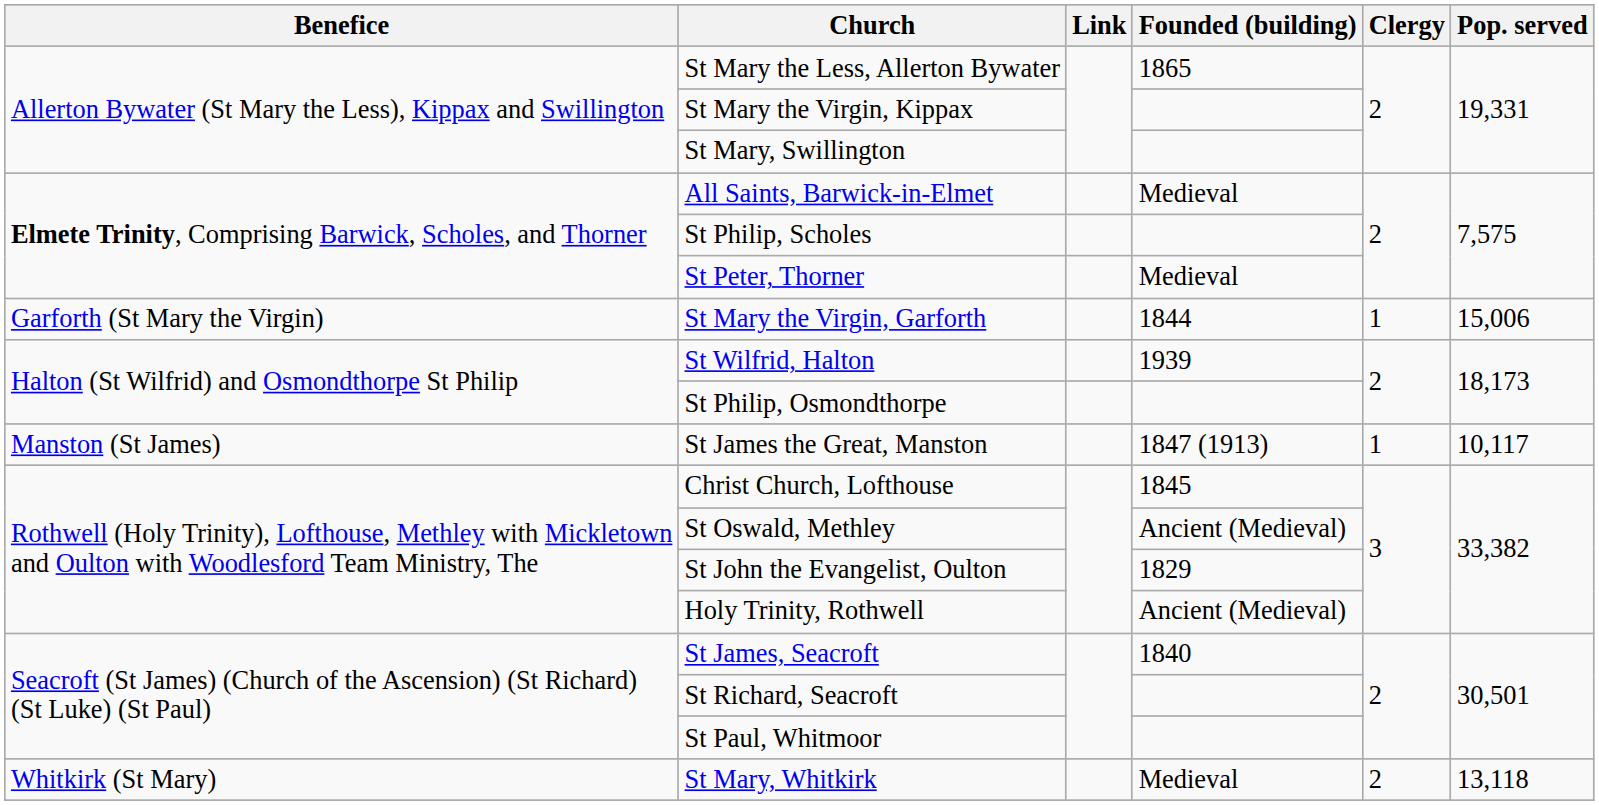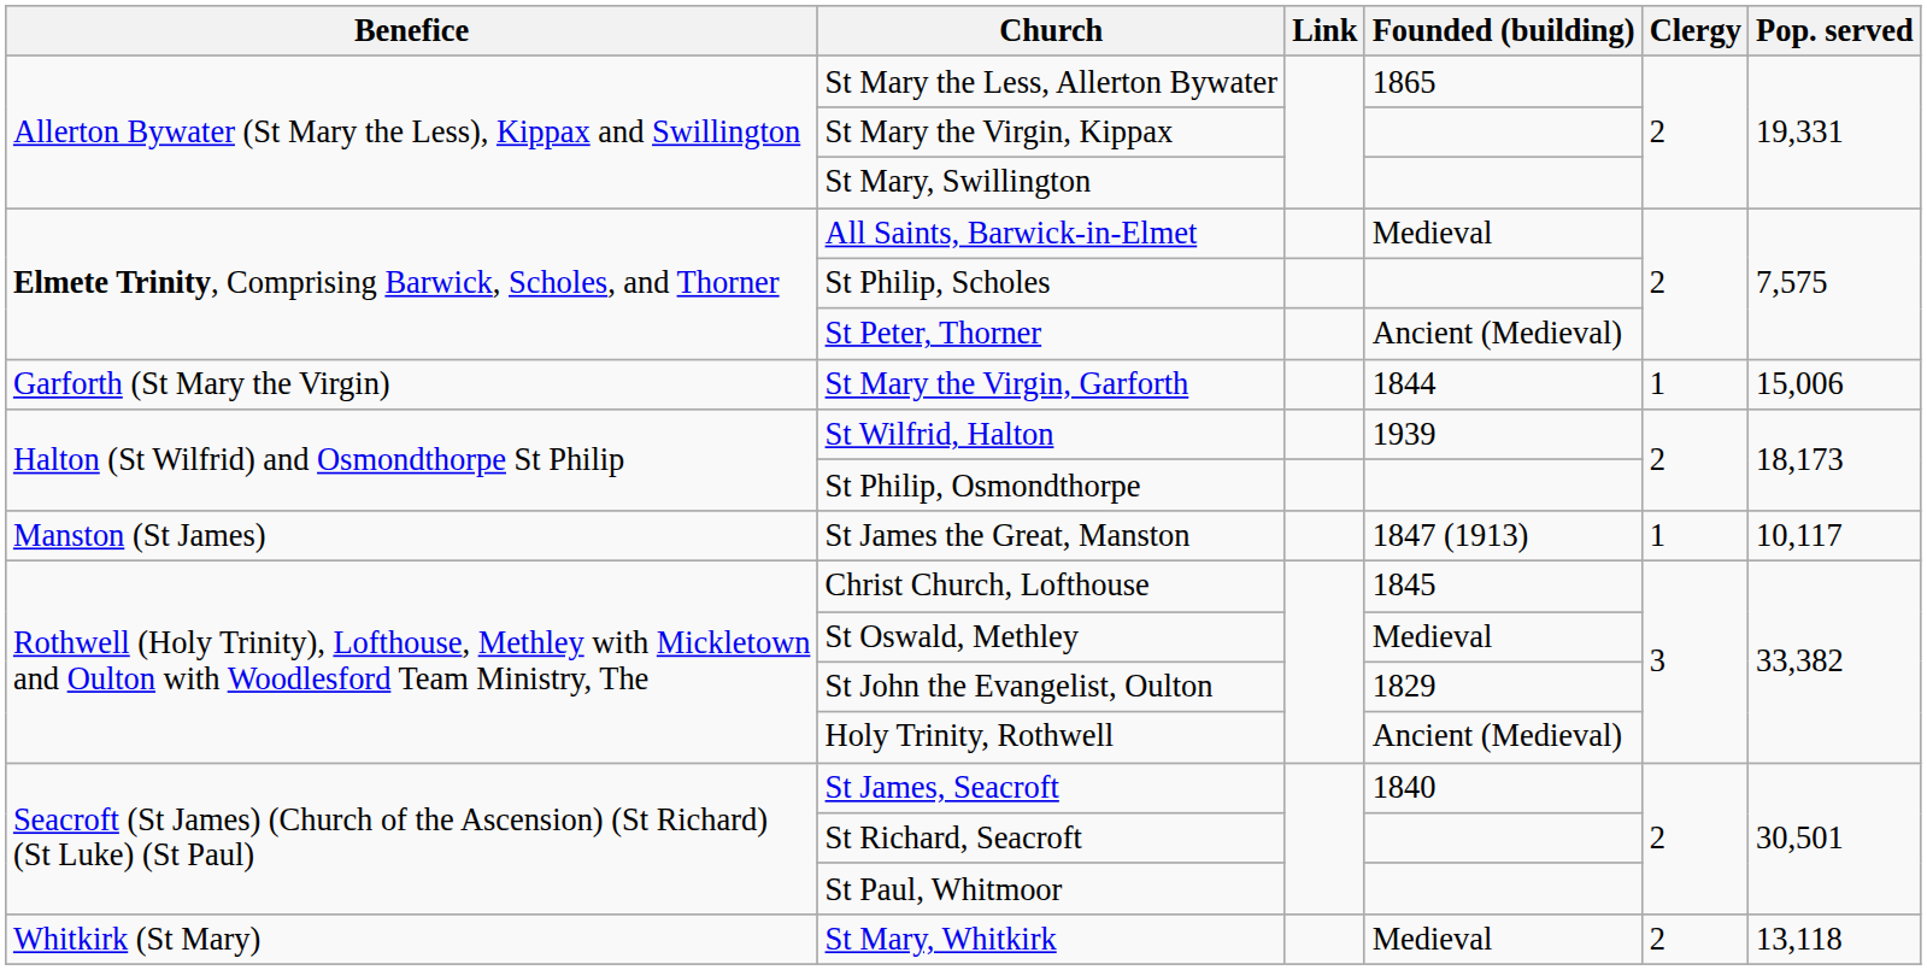 <table class="wikitable sortable">
 <tr>
 <th>Benefice</th>
 <th>Church</th>
 <th>Link</th>
 <th>Founded (building)</th>
 <th>Clergy</th>
 <th>Pop. served</th>
 </tr>
 <tr>
 <td rowspan="3"><a href='#'>Allerton Bywater</a> (St Mary the Less), <a href='#'>Kippax</a> and <a href='#'>Swillington</a></td>
 <td>St Mary the Less, Allerton Bywater</td>
 <td rowspan="3"></td>
 <td>1865</td>
 <td rowspan="3">2</td>
 <td rowspan="3">19,331</td>
 </tr>
 <tr>
 <td>St Mary the Virgin, Kippax</td>
 <td></td>
 </tr>
 <tr>
 <td>St Mary, Swillington</td>
 <td></td>
 </tr>
 <tr>
 <td rowspan="3"><strong>Elmete Trinity</strong>, Comprising <a href='#'>Barwick</a>, <a href='#'>Scholes</a>, and <a href='#'>Thorner</a></td>
 <td><a href='#'>All Saints, Barwick-in-Elmet</a></td>
 <td></td>
 <td>Medieval</td>
 <td rowspan="3">2</td>
 <td rowspan="3">7,575</td>
 </tr>
 <tr>
 <td>St Philip, Scholes</td>
 <td></td>
 <td></td>
 </tr>
 <tr>
 <td><a href='#'>St Peter, Thorner</a></td>
 <td></td>
-<td>Medieval</td>
+<td>Ancient (Medieval)</td>
 </tr>
 <tr>
 <td><a href='#'>Garforth</a> (St Mary the Virgin)</td>
 <td><a href='#'>St Mary the Virgin, Garforth</a></td>
 <td></td>
 <td>1844</td>
 <td>1</td>
 <td>15,006</td>
 </tr>
 <tr>
 <td rowspan="2"><a href='#'>Halton</a> (St Wilfrid) and <a href='#'>Osmondthorpe</a> St Philip</td>
 <td><a href='#'>St Wilfrid, Halton</a></td>
 <td></td>
 <td>1939</td>
 <td rowspan="2">2</td>
 <td rowspan="2">18,173</td>
 </tr>
 <tr>
 <td>St Philip, Osmondthorpe</td>
 <td></td>
 <td></td>
 </tr>
 <tr>
 <td><a href='#'>Manston</a> (St James)</td>
 <td>St James the Great, Manston</td>
 <td></td>
 <td>1847 (1913)</td>
 <td>1</td>
 <td>10,117</td>
 </tr>
 <tr>
 <td rowspan="4"><a href='#'>Rothwell</a> (Holy Trinity), <a href='#'>Lofthouse</a>, <a href='#'>Methley</a> with <a href='#'>Mickletown</a><br>and <a href='#'>Oulton</a> with <a href='#'>Woodlesford</a> Team Ministry, The</td>
 <td>Christ Church, Lofthouse</td>
 <td rowspan="4"></td>
 <td>1845</td>
 <td rowspan="4">3</td>
 <td rowspan="4">33,382</td>
 </tr>
 <tr>
 <td>St Oswald, Methley</td>
-<td>Ancient (Medieval)</td>
+<td>Medieval</td>
 </tr>
 <tr>
 <td>St John the Evangelist, Oulton</td>
 <td>1829</td>
 </tr>
 <tr>
 <td>Holy Trinity, Rothwell</td>
 <td>Ancient (Medieval)</td>
 </tr>
 <tr>
 <td rowspan="3"><a href='#'>Seacroft</a> (St James) (Church of the Ascension) (St Richard)<br>(St Luke) (St Paul)</td>
 <td><a href='#'>St James, Seacroft</a></td>
 <td rowspan="3"></td>
 <td>1840</td>
 <td rowspan="3">2</td>
 <td rowspan="3">30,501</td>
 </tr>
 <tr>
 <td>St Richard, Seacroft</td>
 <td></td>
 </tr>
 <tr>
 <td>St Paul, Whitmoor</td>
 <td></td>
 </tr>
 <tr>
 <td><a href='#'>Whitkirk</a> (St Mary)</td>
 <td><a href='#'>St Mary, Whitkirk</a></td>
 <td></td>
 <td>Medieval</td>
 <td>2</td>
 <td>13,118</td>
 </tr>
 </table>
